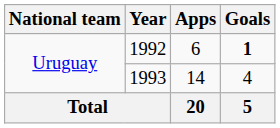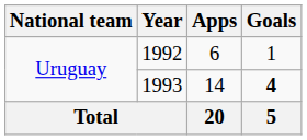 <table class="wikitable" style="text-align:center">
 <tr>
 <th>National team</th>
 <th>Year</th>
 <th>Apps</th>
 <th>Goals</th>
 </tr>
 <tr>
 <td rowspan=2><a href='#'>Uruguay</a></td>
 <td>1992</td>
 <td>6</td>
-<td><strong>1</strong></td>
+<td>1</td>
 </tr>
 <tr>
 <td>1993</td>
 <td>14</td>
-<td>4</td>
+<td><strong>4</strong></td>
 </tr>
 <tr>
 <th colspan=2>Total</th>
 <th>20</th>
 <th>5</th>
 </tr>
 </table>
